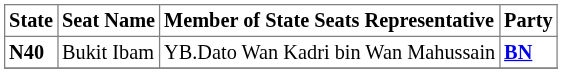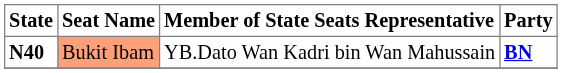 <table class="toccolours sortable" border="1" cellpadding="3" style="border-collapse:collapse; text-align: left;">
 <tr>
 <th align="center">State</th>
 <th>Seat Name</th>
 <th>Member of State Seats Representative</th>
 <th>Party</th>
 </tr>
 <tr>
 <th align="left">N40</th>
-<td>Bukit Ibam</td>
+<td style="background: lightsalmon;">Bukit Ibam</td>
 <td>YB.Dato Wan Kadri bin Wan Mahussain</td>
 <td><strong><a href='#'>BN</a></strong></td>
 </tr>
 <tr>
 </tr>
 </table>
